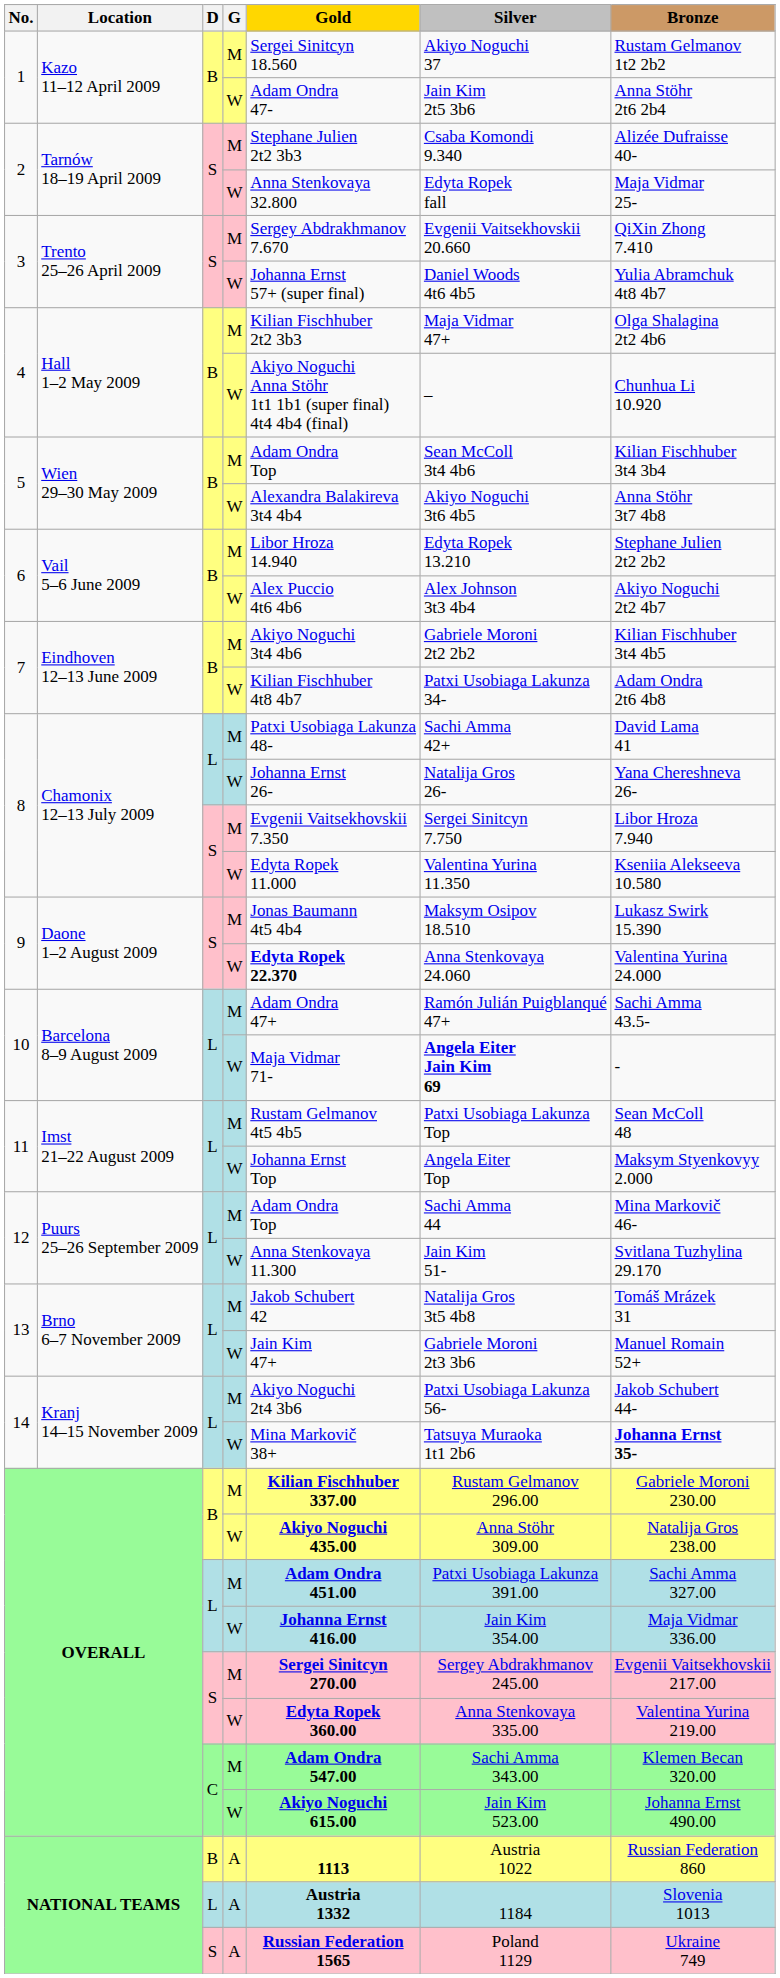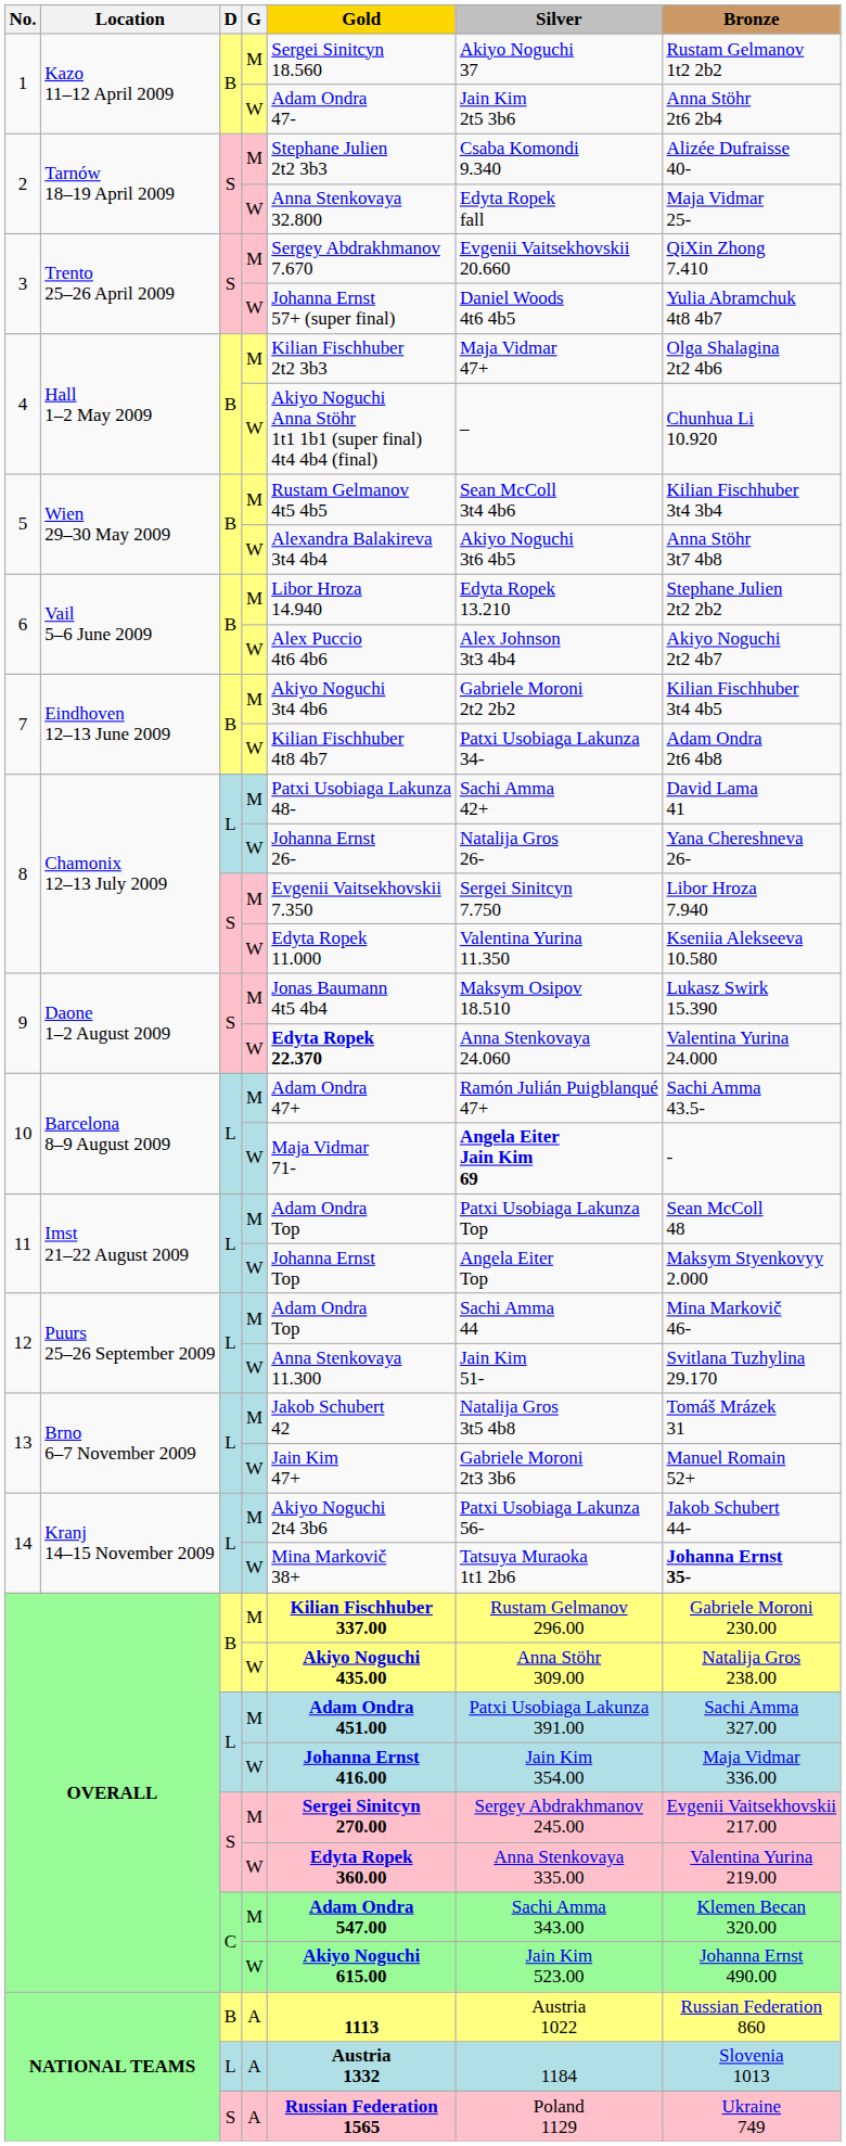 <table class="wikitable sortable">
 <tr>
 <th>No.</th>
 <th>Location</th>
 <th>D</th>
 <th>G</th>
 <th style="background: gold">Gold</th>
 <th style="background: silver">Silver</th>
 <th style="background: #cc9966">Bronze</th>
 </tr>
 <tr>
 <td rowspan=2 align="center">1</td>
 <td rowspan=2> <a href='#'>Kazo</a> <br> 11–12 April 2009</td>
 <td rowspan=2  align="center" style="background: #ffff80">B</td>
 <td align="center" style="background: #ffff80">M</td>
 <td> <a href='#'>Sergei Sinitcyn</a> <br> 18.560</td>
 <td> <a href='#'>Akiyo Noguchi</a> <br> 37</td>
 <td> <a href='#'>Rustam Gelmanov</a> <br> 1t2 2b2</td>
 </tr>
 <tr>
 <td align="center" style="background: #ffff80">W</td>
 <td> <a href='#'>Adam Ondra</a> <br> 47-</td>
 <td> <a href='#'>Jain Kim</a> <br> 2t5 3b6</td>
 <td> <a href='#'>Anna Stöhr</a> <br> 2t6 2b4</td>
 </tr>
 <tr>
 <td rowspan=2 align="center">2</td>
 <td rowspan=2> <a href='#'>Tarnów</a> <br> 18–19 April 2009</td>
 <td rowspan=2 align="center" style="background: Pink">S</td>
 <td align="center" style="background: Pink">M</td>
 <td> <a href='#'>Stephane Julien</a> <br> 2t2 3b3</td>
 <td> <a href='#'>Csaba Komondi</a> <br> 9.340</td>
 <td> <a href='#'>Alizée Dufraisse</a> <br> 40-</td>
 </tr>
 <tr>
 <td align="center" style="background: Pink">W</td>
 <td> <a href='#'>Anna Stenkovaya</a> <br> 32.800</td>
 <td> <a href='#'>Edyta Ropek</a> <br> fall</td>
 <td> <a href='#'>Maja Vidmar</a> <br> 25-</td>
 </tr>
 <tr>
 <td rowspan=2 align="center">3</td>
 <td rowspan=2> <a href='#'>Trento</a> <br> 25–26 April 2009</td>
 <td rowspan=2 align="center" style="background: Pink">S</td>
 <td align="center" style="background: Pink">M</td>
 <td> <a href='#'>Sergey Abdrakhmanov</a> <br> 7.670</td>
 <td> <a href='#'>Evgenii Vaitsekhovskii</a> <br> 20.660</td>
 <td> <a href='#'>QiXin Zhong</a> <br> 7.410</td>
 </tr>
 <tr>
 <td align="center" style="background: Pink">W</td>
 <td> <a href='#'>Johanna Ernst</a> <br> 57+ (super final)</td>
 <td> <a href='#'>Daniel Woods</a> <br> 4t6 4b5</td>
 <td> <a href='#'>Yulia Abramchuk</a> <br> 4t8 4b7</td>
 </tr>
 <tr>
 <td rowspan=2 align="center">4</td>
 <td rowspan=2> <a href='#'>Hall</a> <br> 1–2 May 2009</td>
 <td rowspan=2 align="center" style="background: #ffff80">B</td>
 <td align="center" style="background: #ffff80">M</td>
 <td> <a href='#'>Kilian Fischhuber</a> <br> 2t2 3b3</td>
 <td> <a href='#'>Maja Vidmar</a> <br> 47+</td>
 <td> <a href='#'>Olga Shalagina</a> <br> 2t2 4b6</td>
 </tr>
 <tr>
 <td align="center" style="background: #ffff80">W</td>
 <td> <a href='#'>Akiyo Noguchi</a> <br>  <a href='#'>Anna Stöhr</a> <br> 1t1 1b1 (super final) <br> 4t4 4b4 (final)</td>
 <td>–</td>
 <td> <a href='#'>Chunhua Li</a> <br> 10.920</td>
 </tr>
 <tr>
 <td rowspan=2 align="center">5</td>
 <td rowspan=2> <a href='#'>Wien</a> <br> 29–30 May 2009</td>
 <td rowspan=2 align="center" style="background: #ffff80">B</td>
 <td align="center" style="background: #ffff80">M</td>
-<td> <a href='#'>Adam Ondra</a> <br> Top</td>
+<td> <a href='#'>Rustam Gelmanov</a> <br> 4t5 4b5</td>
 <td> <a href='#'>Sean McColl</a> <br> 3t4 4b6</td>
 <td> <a href='#'>Kilian Fischhuber</a> <br> 3t4 3b4</td>
 </tr>
 <tr>
 <td align="center" style="background: #ffff80">W</td>
 <td> <a href='#'>Alexandra Balakireva</a> <br> 3t4 4b4</td>
 <td> <a href='#'>Akiyo Noguchi</a> <br> 3t6 4b5</td>
 <td> <a href='#'>Anna Stöhr</a> <br> 3t7 4b8</td>
 </tr>
 <tr>
 <td rowspan=2 align="center">6</td>
 <td rowspan=2> <a href='#'>Vail</a> <br> 5–6 June 2009</td>
 <td rowspan=2 align="center" style="background: #ffff80">B</td>
 <td align="center" style="background: #ffff80">M</td>
 <td> <a href='#'>Libor Hroza</a> <br> 14.940</td>
 <td> <a href='#'>Edyta Ropek</a> <br> 13.210</td>
 <td> <a href='#'>Stephane Julien</a> <br> 2t2 2b2</td>
 </tr>
 <tr>
 <td align="center" style="background: #ffff80">W</td>
 <td> <a href='#'>Alex Puccio</a> <br> 4t6 4b6</td>
 <td> <a href='#'>Alex Johnson</a> <br> 3t3 4b4</td>
 <td> <a href='#'>Akiyo Noguchi</a> <br> 2t2 4b7</td>
 </tr>
 <tr>
 <td rowspan=2 align="center">7</td>
 <td rowspan=2> <a href='#'>Eindhoven</a> <br> 12–13 June 2009</td>
 <td rowspan=2 align="center" style="background: #ffff80">B</td>
 <td align="center" style="background: #ffff80">M</td>
 <td> <a href='#'>Akiyo Noguchi</a> <br> 3t4 4b6</td>
 <td> <a href='#'>Gabriele Moroni</a> <br> 2t2 2b2</td>
 <td> <a href='#'>Kilian Fischhuber</a> <br> 3t4 4b5</td>
 </tr>
 <tr>
 <td align="center" style="background: #ffff80">W</td>
 <td> <a href='#'>Kilian Fischhuber</a> <br> 4t8 4b7</td>
 <td> <a href='#'>Patxi Usobiaga Lakunza</a> <br> 34-</td>
 <td> <a href='#'>Adam Ondra</a> <br> 2t6 4b8</td>
 </tr>
 <tr>
 <td rowspan=4 align="center">8</td>
 <td rowspan=4> <a href='#'>Chamonix</a> <br> 12–13 July 2009</td>
 <td rowspan=2 align="center" style="background: PowderBlue">L</td>
 <td align="center" style="background: PowderBlue">M</td>
 <td> <a href='#'>Patxi Usobiaga Lakunza</a> <br> 48-</td>
 <td> <a href='#'>Sachi Amma</a> <br> 42+</td>
 <td> <a href='#'>David Lama</a> <br> 41</td>
 </tr>
 <tr>
 <td align="center" style="background: PowderBlue">W</td>
 <td> <a href='#'>Johanna Ernst</a> <br> 26-</td>
 <td> <a href='#'>Natalija Gros</a> <br> 26-</td>
 <td> <a href='#'>Yana Chereshneva</a> <br> 26-</td>
 </tr>
 <tr>
 <td rowspan=2 align="center" style="background: Pink">S</td>
 <td align="center" style="background: Pink">M</td>
 <td> <a href='#'>Evgenii Vaitsekhovskii</a> <br> 7.350</td>
 <td> <a href='#'>Sergei Sinitcyn</a> <br> 7.750</td>
 <td> <a href='#'>Libor Hroza</a> <br> 7.940</td>
 </tr>
 <tr>
 <td align="center" style="background: Pink">W</td>
 <td> <a href='#'>Edyta Ropek</a> <br> 11.000</td>
 <td> <a href='#'>Valentina Yurina</a> <br> 11.350</td>
 <td> <a href='#'>Kseniia Alekseeva</a> <br> 10.580</td>
 </tr>
 <tr>
 <td rowspan=2 align="center">9</td>
 <td rowspan=2> <a href='#'>Daone</a> <br> 1–2 August 2009</td>
 <td rowspan=2 align="center" style="background: Pink">S</td>
 <td align="center" style="background: Pink">M</td>
 <td> <a href='#'>Jonas Baumann</a> <br> 4t5 4b4</td>
 <td> <a href='#'>Maksym Osipov</a> <br> 18.510</td>
 <td> <a href='#'>Lukasz Swirk</a> <br> 15.390</td>
 </tr>
 <tr>
 <td align="center" style="background: Pink">W</td>
 <td><strong> <a href='#'>Edyta Ropek</a> <br> 22.370</strong></td>
 <td> <a href='#'>Anna Stenkovaya</a> <br> 24.060</td>
 <td> <a href='#'>Valentina Yurina</a> <br> 24.000</td>
 </tr>
 <tr>
 <td rowspan=2 align="center">10</td>
 <td rowspan=2> <a href='#'>Barcelona</a> <br> 8–9 August 2009</td>
 <td rowspan=2 align="center" style="background: PowderBlue">L</td>
 <td align="center" style="background: PowderBlue">M</td>
 <td> <a href='#'>Adam Ondra</a> <br> 47+</td>
 <td> <a href='#'>Ramón Julián Puigblanqué</a> <br> 47+</td>
 <td> <a href='#'>Sachi Amma</a> <br> 43.5-</td>
 </tr>
 <tr>
 <td align="center" style="background: PowderBlue">W</td>
 <td> <a href='#'>Maja Vidmar</a> <br> 71-</td>
 <td><strong> <a href='#'>Angela Eiter</a> <br>  <a href='#'>Jain Kim</a> <br> 69</strong></td>
 <td>-</td>
 </tr>
 <tr>
 <td rowspan=2 align="center">11</td>
 <td rowspan=2> <a href='#'>Imst</a> <br> 21–22 August 2009</td>
 <td rowspan=2 align="center" style="background: PowderBlue">L</td>
 <td align="center" style="background: PowderBlue">M</td>
-<td> <a href='#'>Rustam Gelmanov</a> <br> 4t5 4b5</td>
+<td> <a href='#'>Adam Ondra</a> <br> Top</td>
 <td> <a href='#'>Patxi Usobiaga Lakunza</a> <br> Top</td>
 <td> <a href='#'>Sean McColl</a> <br> 48</td>
 </tr>
 <tr>
 <td align="center" style="background: PowderBlue">W</td>
 <td> <a href='#'>Johanna Ernst</a> <br> Top</td>
 <td> <a href='#'>Angela Eiter</a> <br> Top</td>
 <td> <a href='#'>Maksym Styenkovyy</a> <br> 2.000</td>
 </tr>
 <tr>
 <td rowspan=2 align="center">12</td>
 <td rowspan=2> <a href='#'>Puurs</a> <br> 25–26 September 2009</td>
 <td rowspan=2 align="center" style="background: PowderBlue">L</td>
 <td align="center" style="background: PowderBlue">M</td>
 <td> <a href='#'>Adam Ondra</a> <br> Top</td>
 <td> <a href='#'>Sachi Amma</a> <br> 44</td>
 <td> <a href='#'>Mina Markovič</a> <br> 46-</td>
 </tr>
 <tr>
 <td align="center" style="background: PowderBlue">W</td>
 <td> <a href='#'>Anna Stenkovaya</a> <br> 11.300</td>
 <td> <a href='#'>Jain Kim</a> <br> 51-</td>
 <td> <a href='#'>Svitlana Tuzhylina</a> <br> 29.170</td>
 </tr>
 <tr>
 <td rowspan=2 align="center">13</td>
 <td rowspan=2> <a href='#'>Brno</a> <br> 6–7 November 2009</td>
 <td rowspan=2 align="center" style="background: PowderBlue">L</td>
 <td align="center" style="background: PowderBlue">M</td>
 <td> <a href='#'>Jakob Schubert</a> <br> 42</td>
 <td> <a href='#'>Natalija Gros</a> <br> 3t5 4b8</td>
 <td> <a href='#'>Tomáš Mrázek</a> <br> 31</td>
 </tr>
 <tr>
 <td align="center" style="background: PowderBlue">W</td>
 <td> <a href='#'>Jain Kim</a> <br> 47+</td>
 <td> <a href='#'>Gabriele Moroni</a> <br> 2t3 3b6</td>
 <td> <a href='#'>Manuel Romain</a> <br> 52+</td>
 </tr>
 <tr>
 <td rowspan=2 align="center">14</td>
 <td rowspan=2> <a href='#'>Kranj</a> <br> 14–15 November 2009</td>
 <td rowspan=2 align="center" style="background: PowderBlue">L</td>
 <td align="center" style="background: PowderBlue">M</td>
 <td> <a href='#'>Akiyo Noguchi</a> <br> 2t4 3b6</td>
 <td> <a href='#'>Patxi Usobiaga Lakunza</a> <br> 56-</td>
 <td> <a href='#'>Jakob Schubert</a> <br> 44-</td>
 </tr>
 <tr>
 <td align="center" style="background: PowderBlue">W</td>
 <td> <a href='#'>Mina Markovič</a> <br> 38+</td>
 <td> <a href='#'>Tatsuya Muraoka</a> <br> 1t1 2b6</td>
 <td><strong> <a href='#'>Johanna Ernst</a> <br> 35-</strong></td>
 </tr>
 <tr>
 <td align="center" style="background:#98FB98" colspan=2 rowspan=8><strong>OVERALL</strong></td>
 <td rowspan=2 align="center" style="background: #ffff80">B</td>
 <td align="center" style="background: #ffff80">M</td>
 <td align="center" style="background: #ffff80"><strong> <a href='#'>Kilian Fischhuber</a> <br> 337.00</strong></td>
 <td align="center" style="background: #ffff80"> <a href='#'>Rustam Gelmanov</a> <br> 296.00</td>
 <td align="center" style="background: #ffff80"> <a href='#'>Gabriele Moroni</a> <br> 230.00</td>
 </tr>
 <tr>
 <td align="center" style="background: #ffff80">W</td>
 <td align="center" style="background: #ffff80"><strong> <a href='#'>Akiyo Noguchi</a> <br> 435.00</strong></td>
 <td align="center" style="background: #ffff80"> <a href='#'>Anna Stöhr</a> <br> 309.00</td>
 <td align="center" style="background: #ffff80"> <a href='#'>Natalija Gros</a> <br> 238.00</td>
 </tr>
 <tr>
 <td rowspan=2 align="center" style="background: PowderBlue">L</td>
 <td align="center" style="background: PowderBlue">M</td>
 <td align="center" style="background: PowderBlue"><strong> <a href='#'>Adam Ondra</a> <br> 451.00</strong></td>
 <td align="center" style="background: PowderBlue"> <a href='#'>Patxi Usobiaga Lakunza</a> <br> 391.00</td>
 <td align="center" style="background: PowderBlue"> <a href='#'>Sachi Amma</a> <br> 327.00</td>
 </tr>
 <tr>
 <td align="center" style="background: PowderBlue">W</td>
 <td align="center" style="background: PowderBlue"><strong> <a href='#'>Johanna Ernst</a> <br> 416.00</strong></td>
 <td align="center" style="background: PowderBlue"> <a href='#'>Jain Kim</a> <br> 354.00</td>
 <td align="center" style="background: PowderBlue"> <a href='#'>Maja Vidmar</a> <br> 336.00</td>
 </tr>
 <tr>
 <td rowspan=2 align="center" style="background: Pink">S</td>
 <td align="center" style="background: Pink">M</td>
 <td align="center" style="background: Pink"><strong> <a href='#'>Sergei Sinitcyn</a> <br> 270.00</strong></td>
 <td align="center" style="background: Pink"> <a href='#'>Sergey Abdrakhmanov</a> <br> 245.00</td>
 <td align="center" style="background: Pink"> <a href='#'>Evgenii Vaitsekhovskii</a> <br> 217.00</td>
 </tr>
 <tr>
 <td align="center" style="background: Pink">W</td>
 <td align="center" style="background: Pink"><strong> <a href='#'>Edyta Ropek</a> <br> 360.00</strong></td>
 <td align="center" style="background: Pink"> <a href='#'>Anna Stenkovaya</a> <br> 335.00</td>
 <td align="center" style="background: Pink"> <a href='#'>Valentina Yurina</a> <br> 219.00</td>
 </tr>
 <tr>
 <td rowspan=2 align="center" style="background:#98FB98">C</td>
 <td align="center" style="background:#98FB98">M</td>
 <td align="center" style="background:#98FB98"><strong> <a href='#'>Adam Ondra</a> <br> 547.00</strong></td>
 <td align="center" style="background:#98FB98"> <a href='#'>Sachi Amma</a> <br> 343.00</td>
 <td align="center" style="background:#98FB98"> <a href='#'>Klemen Becan</a> <br> 320.00</td>
 </tr>
 <tr>
 <td align="center" style="background:#98FB98">W</td>
 <td align="center" style="background:#98FB98"><strong> <a href='#'>Akiyo Noguchi</a> <br> 615.00</strong></td>
 <td align="center" style="background:#98FB98"> <a href='#'>Jain Kim</a> <br> 523.00</td>
 <td align="center" style="background:#98FB98"> <a href='#'>Johanna Ernst</a> <br> 490.00</td>
 </tr>
 <tr>
 <td align="center" style="background:#98FB98" colspan=2 rowspan=3><strong> NATIONAL TEAMS</strong></td>
 <td align="center" style="background: #ffff80">B</td>
 <td align="center" style="background: #ffff80">A</td>
 <td align="center" style="background: #ffff80"><strong> <br> 1113</strong></td>
 <td align="center" style="background: #ffff80"> Austria <br> 1022</td>
 <td align="center" style="background: #ffff80"> <a href='#'>Russian Federation</a> <br> 860</td>
 </tr>
 <tr>
 <td align="center" style="background: PowderBlue">L</td>
 <td align="center" style="background: PowderBlue">A</td>
 <td align="center" style="background: PowderBlue"><strong> Austria <br> 1332</strong></td>
 <td align="center" style="background: PowderBlue"> <br> 1184</td>
 <td align="center" style="background: PowderBlue"> <a href='#'>Slovenia</a> <br> 1013</td>
 </tr>
 <tr>
 <td align="center" style="background: Pink">S</td>
 <td align="center" style="background: Pink">A</td>
 <td align="center" style="background: Pink"><strong> <a href='#'>Russian Federation</a> <br> 1565</strong></td>
 <td align="center" style="background: Pink"> Poland <br> 1129</td>
 <td align="center" style="background: Pink"> <a href='#'>Ukraine</a> <br> 749</td>
 </tr>
 </table>
